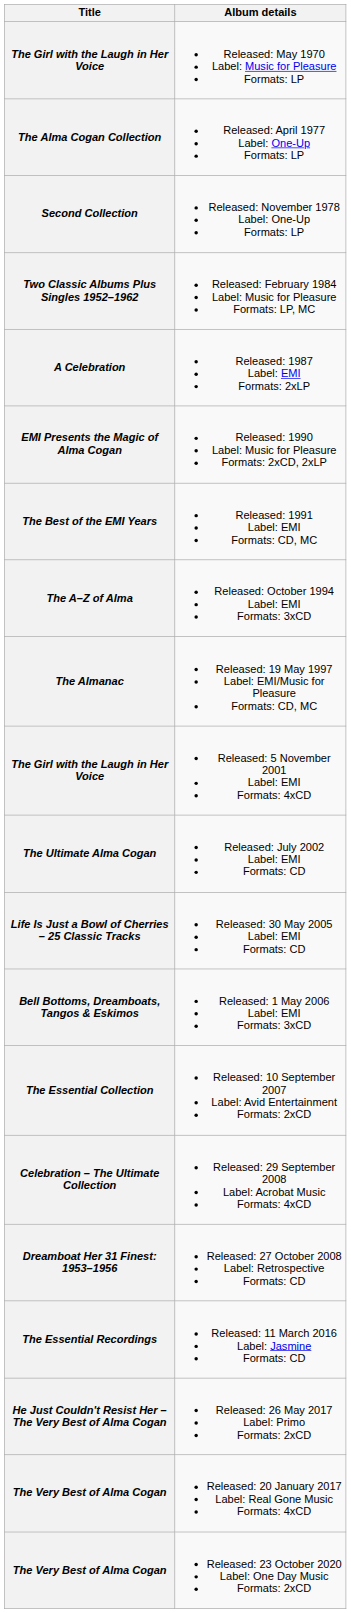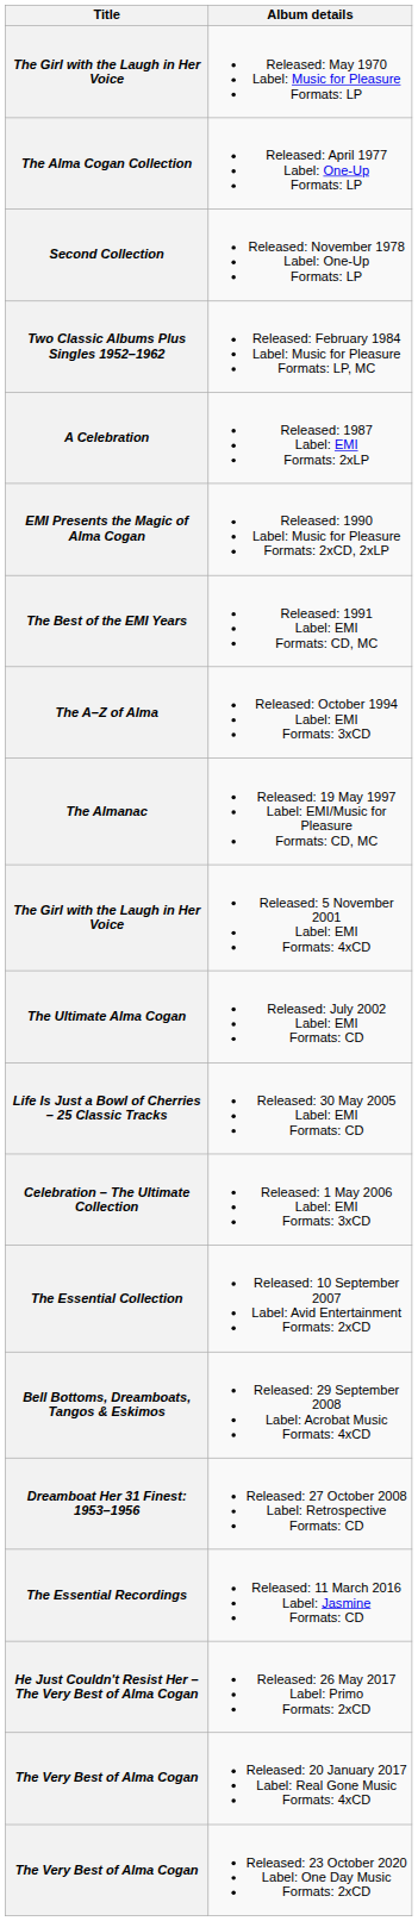 <table class="wikitable plainrowheaders" style="text-align:center;">
 <tr>
 <th scope="col" style="width:15em;">Title</th>
 <th scope="col" style="width:15em;">Album details</th>
 </tr>
 <tr>
 <th scope="row"><em>The Girl with the Laugh in Her Voice</em></th>
 <td><br><ul><li>Released: May 1970</li><li>Label: <a href='#'>Music for Pleasure</a></li><li>Formats: LP</li></ul></td>
 </tr>
 <tr>
 <th scope="row"><em>The Alma Cogan Collection</em></th>
 <td><br><ul><li>Released: April 1977</li><li>Label: <a href='#'>One-Up</a></li><li>Formats: LP</li></ul></td>
 </tr>
 <tr>
 <th scope="row"><em>Second Collection</em></th>
 <td><br><ul><li>Released: November 1978</li><li>Label: One-Up</li><li>Formats: LP</li></ul></td>
 </tr>
 <tr>
 <th scope="row"><em>Two Classic Albums Plus Singles 1952–1962</em></th>
 <td><br><ul><li>Released: February 1984</li><li>Label: Music for Pleasure</li><li>Formats: LP, MC</li></ul></td>
 </tr>
 <tr>
 <th scope="row"><em>A Celebration</em></th>
 <td><br><ul><li>Released: 1987</li><li>Label: <a href='#'>EMI</a></li><li>Formats: 2xLP</li></ul></td>
 </tr>
 <tr>
 <th scope="row"><em>EMI Presents the Magic of Alma Cogan</em></th>
 <td><br><ul><li>Released: 1990</li><li>Label: Music for Pleasure</li><li>Formats: 2xCD, 2xLP</li></ul></td>
 </tr>
 <tr>
 <th scope="row"><em>The Best of the EMI Years</em></th>
 <td><br><ul><li>Released: 1991</li><li>Label: EMI</li><li>Formats: CD, MC</li></ul></td>
 </tr>
 <tr>
 <th scope="row"><em>The A–Z of Alma</em></th>
 <td><br><ul><li>Released: October 1994</li><li>Label: EMI</li><li>Formats: 3xCD</li></ul></td>
 </tr>
 <tr>
 <th scope="row"><em>The Almanac</em></th>
 <td><br><ul><li>Released: 19 May 1997</li><li>Label: EMI/Music for Pleasure</li><li>Formats: CD, MC</li></ul></td>
 </tr>
 <tr>
 <th scope="row"><em>The Girl with the Laugh in Her Voice</em></th>
 <td><br><ul><li>Released: 5 November 2001</li><li>Label: EMI</li><li>Formats: 4xCD</li></ul></td>
 </tr>
 <tr>
 <th scope="row"><em>The Ultimate Alma Cogan</em></th>
 <td><br><ul><li>Released: July 2002</li><li>Label: EMI</li><li>Formats: CD</li></ul></td>
 </tr>
 <tr>
 <th scope="row"><em>Life Is Just a Bowl of Cherries – 25 Classic Tracks</em></th>
 <td><br><ul><li>Released: 30 May 2005</li><li>Label: EMI</li><li>Formats: CD</li></ul></td>
 </tr>
 <tr>
-<th scope="row"><em>Bell Bottoms, Dreamboats, Tangos & Eskimos</em></th>
+<th scope="row"><em>Celebration – The Ultimate Collection</em></th>
 <td><br><ul><li>Released: 1 May 2006</li><li>Label: EMI</li><li>Formats: 3xCD</li></ul></td>
 </tr>
 <tr>
 <th scope="row"><em>The Essential Collection</em></th>
 <td><br><ul><li>Released: 10 September 2007</li><li>Label: Avid Entertainment</li><li>Formats: 2xCD</li></ul></td>
 </tr>
 <tr>
-<th scope="row"><em>Celebration – The Ultimate Collection</em></th>
+<th scope="row"><em>Bell Bottoms, Dreamboats, Tangos & Eskimos</em></th>
 <td><br><ul><li>Released: 29 September 2008</li><li>Label: Acrobat Music</li><li>Formats: 4xCD</li></ul></td>
 </tr>
 <tr>
 <th scope="row"><em>Dreamboat Her 31 Finest: 1953–1956</em></th>
 <td><br><ul><li>Released: 27 October 2008</li><li>Label: Retrospective</li><li>Formats: CD</li></ul></td>
 </tr>
 <tr>
 <th scope="row"><em>The Essential Recordings</em></th>
 <td><br><ul><li>Released: 11 March 2016</li><li>Label: <a href='#'>Jasmine</a></li><li>Formats: CD</li></ul></td>
 </tr>
 <tr>
 <th scope="row"><em>He Just Couldn't Resist Her – The Very Best of Alma Cogan</em></th>
 <td><br><ul><li>Released: 26 May 2017</li><li>Label: Primo</li><li>Formats: 2xCD</li></ul></td>
 </tr>
 <tr>
 <th scope="row"><em>The Very Best of Alma Cogan</em></th>
 <td><br><ul><li>Released: 20 January 2017</li><li>Label: Real Gone Music</li><li>Formats: 4xCD</li></ul></td>
 </tr>
 <tr>
 <th scope="row"><em>The Very Best of Alma Cogan</em></th>
 <td><br><ul><li>Released: 23 October 2020</li><li>Label: One Day Music</li><li>Formats: 2xCD</li></ul></td>
 </tr>
 </table>
